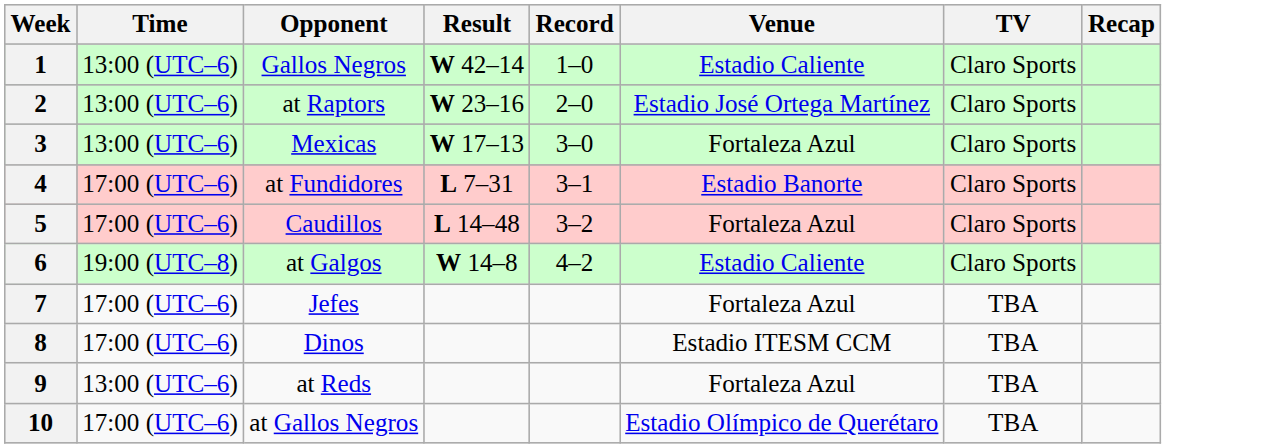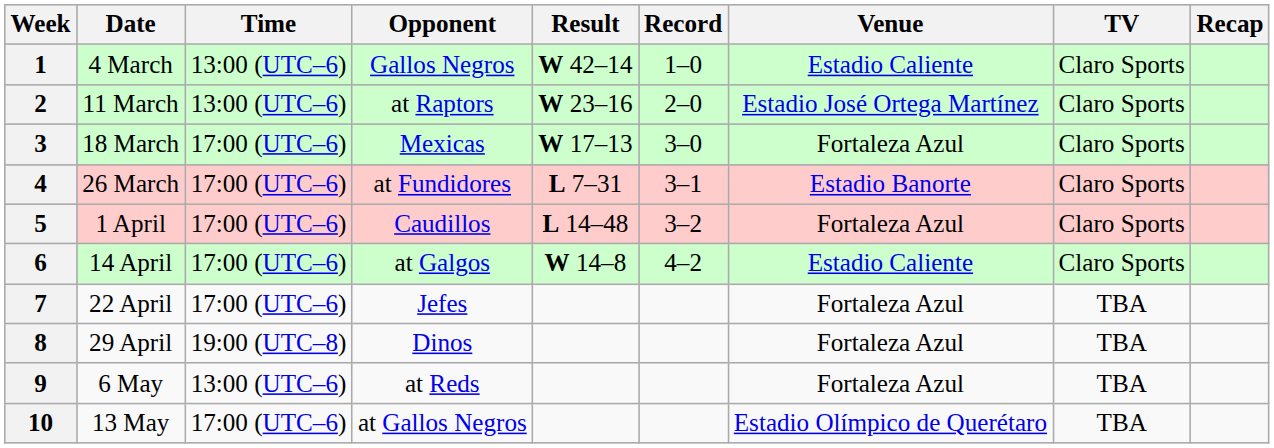 <table class="wikitable" style="text-align:center">
 <tr>
 <th>Week</th>
+<th>Date</th>
 <th>Time</th>
 <th>Opponent</th>
 <th>Result</th>
 <th>Record</th>
 <th>Venue</th>
 <th>TV</th>
 <th>Recap</th>
 </tr>
 <tr style="background:#cfc">
 <th>1</th>
+<td>4 March</td>
 <td>13:00 (<a href='#'>UTC–6</a>)</td>
 <td><a href='#'>Gallos Negros</a></td>
 <td><strong>W</strong> 42–14</td>
 <td>1–0</td>
 <td><a href='#'>Estadio Caliente</a></td>
 <td>Claro Sports</td>
 <td></td>
 </tr>
 <tr style="background:#cfc">
 <th>2</th>
+<td>11 March</td>
 <td>13:00 (<a href='#'>UTC–6</a>)</td>
 <td>at <a href='#'>Raptors</a></td>
 <td><strong>W</strong> 23–16</td>
 <td>2–0</td>
 <td><a href='#'>Estadio José Ortega Martínez</a></td>
 <td>Claro Sports</td>
 <td></td>
 </tr>
 <tr style="background:#cfc">
 <th>3</th>
-<td>13:00 (<a href='#'>UTC–6</a>)</td>
+<td>18 March</td>
+<td>17:00 (<a href='#'>UTC–6</a>)</td>
 <td><a href='#'>Mexicas</a></td>
 <td><strong>W</strong> 17–13</td>
 <td>3–0</td>
 <td>Fortaleza Azul</td>
 <td>Claro Sports</td>
 <td></td>
 </tr>
 <tr style="background:#fcc">
 <th>4</th>
+<td>26 March</td>
 <td>17:00 (<a href='#'>UTC–6</a>)</td>
 <td>at <a href='#'>Fundidores</a></td>
 <td><strong>L</strong> 7–31</td>
 <td>3–1</td>
 <td><a href='#'>Estadio Banorte</a></td>
 <td>Claro Sports</td>
 <td></td>
 </tr>
 <tr style="background:#fcc">
 <th>5</th>
+<td>1 April</td>
 <td>17:00 (<a href='#'>UTC–6</a>)</td>
 <td><a href='#'>Caudillos</a></td>
 <td><strong>L</strong> 14–48</td>
 <td>3–2</td>
 <td>Fortaleza Azul</td>
 <td>Claro Sports</td>
 <td></td>
 </tr>
 <tr style="background:#cfc">
 <th>6</th>
-<td>19:00 (<a href='#'>UTC–8</a>)</td>
+<td>14 April</td>
+<td>17:00 (<a href='#'>UTC–6</a>)</td>
 <td>at <a href='#'>Galgos</a></td>
 <td><strong>W</strong> 14–8</td>
 <td>4–2</td>
 <td><a href='#'>Estadio Caliente</a></td>
 <td>Claro Sports</td>
 <td></td>
 </tr>
 <tr style="background:#">
 <th>7</th>
+<td>22 April</td>
 <td>17:00 (<a href='#'>UTC–6</a>)</td>
 <td><a href='#'>Jefes</a></td>
 <td></td>
 <td></td>
 <td>Fortaleza Azul</td>
 <td>TBA</td>
 <td></td>
 </tr>
 <tr style="background:#">
 <th>8</th>
-<td>17:00 (<a href='#'>UTC–6</a>)</td>
+<td>29 April</td>
+<td>19:00 (<a href='#'>UTC–8</a>)</td>
 <td><a href='#'>Dinos</a></td>
 <td></td>
 <td></td>
-<td>Estadio ITESM CCM</td>
+<td>Fortaleza Azul</td>
 <td>TBA</td>
 <td></td>
 </tr>
 <tr style="background:#">
 <th>9</th>
+<td>6 May</td>
 <td>13:00 (<a href='#'>UTC–6</a>)</td>
 <td>at <a href='#'>Reds</a></td>
 <td></td>
 <td></td>
 <td>Fortaleza Azul</td>
 <td>TBA</td>
 <td></td>
 </tr>
 <tr style="background:#">
 <th>10</th>
+<td>13 May</td>
 <td>17:00 (<a href='#'>UTC–6</a>)</td>
 <td>at <a href='#'>Gallos Negros</a></td>
 <td></td>
 <td></td>
 <td><a href='#'>Estadio Olímpico de Querétaro</a></td>
 <td>TBA</td>
 <td></td>
 </tr>
 </table>
